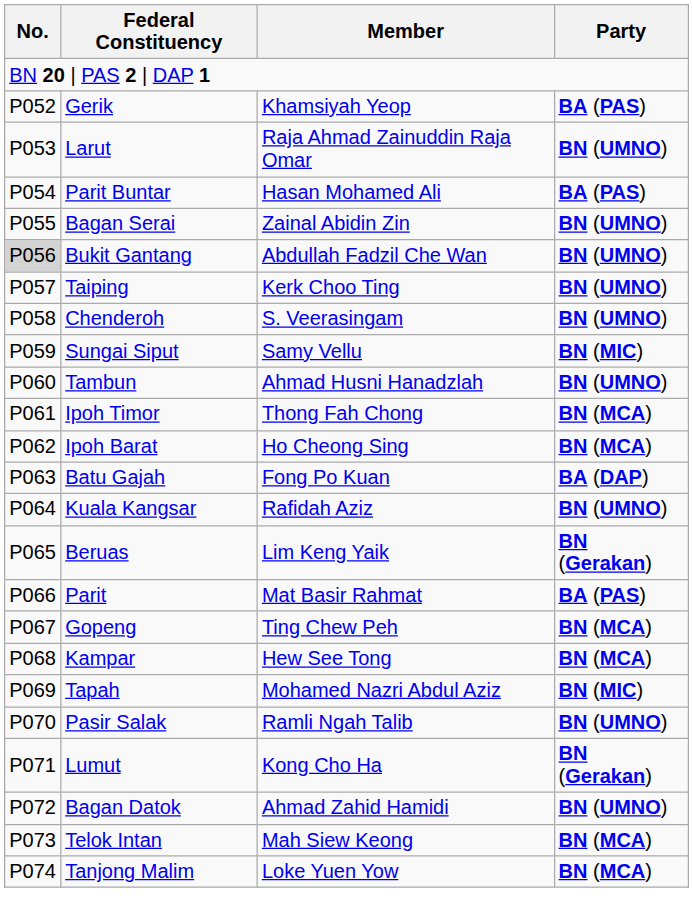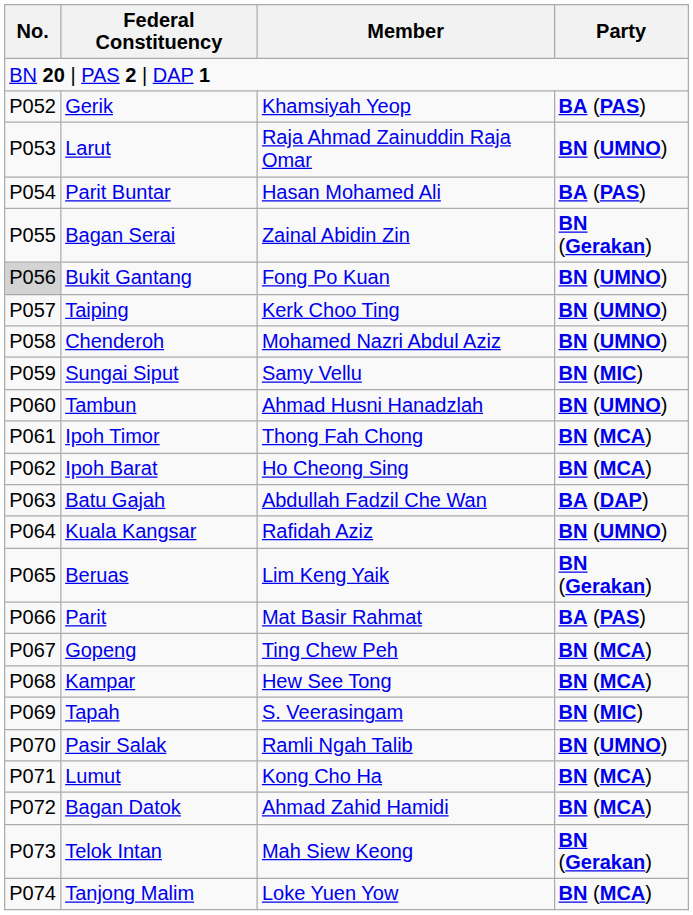 <table class="wikitable sortable">
 <tr>
 <th style="width:30px;">No.</th>
 <th style="width:150px;">Federal Constituency</th>
 <th style="width:230px;">Member</th>
 <th style="width:100px;">Party</th>
 </tr>
 <tr>
 <td colspan="4"><a href='#'>BN</a> <strong>20</strong> | <a href='#'>PAS</a> <strong>2</strong> | <a href='#'>DAP</a> <strong>1</strong></td>
 </tr>
 <tr>
 <td>P052</td>
 <td><a href='#'>Gerik</a></td>
 <td><a href='#'>Khamsiyah Yeop</a></td>
 <td><strong><a href='#'>BA</a></strong> (<strong><a href='#'>PAS</a></strong>)</td>
 </tr>
 <tr>
 <td>P053</td>
 <td><a href='#'>Larut</a></td>
 <td><a href='#'>Raja Ahmad Zainuddin Raja Omar</a></td>
 <td><strong><a href='#'>BN</a></strong> (<strong><a href='#'>UMNO</a></strong>)</td>
 </tr>
 <tr>
 <td>P054</td>
 <td><a href='#'>Parit Buntar</a></td>
 <td><a href='#'>Hasan Mohamed Ali</a></td>
 <td><strong><a href='#'>BA</a></strong> (<strong><a href='#'>PAS</a></strong>)</td>
 </tr>
 <tr>
 <td>P055</td>
 <td><a href='#'>Bagan Serai</a></td>
 <td><a href='#'>Zainal Abidin Zin</a></td>
-<td><strong><a href='#'>BN</a></strong> (<strong><a href='#'>UMNO</a></strong>)</td>
+<td><strong><a href='#'>BN</a></strong> (<strong><a href='#'>Gerakan</a></strong>)</td>
 </tr>
 <tr>
 <td style="background: lightgrey;">P056</td>
 <td><a href='#'>Bukit Gantang</a></td>
-<td><a href='#'>Abdullah Fadzil Che Wan</a></td>
+<td><a href='#'>Fong Po Kuan</a></td>
 <td><strong><a href='#'>BN</a></strong> (<strong><a href='#'>UMNO</a></strong>)</td>
 </tr>
 <tr>
 <td>P057</td>
 <td><a href='#'>Taiping</a></td>
 <td><a href='#'>Kerk Choo Ting</a></td>
 <td><strong><a href='#'>BN</a></strong> (<strong><a href='#'>UMNO</a></strong>)</td>
 </tr>
 <tr>
 <td>P058</td>
 <td><a href='#'>Chenderoh</a></td>
-<td><a href='#'>S. Veerasingam</a></td>
+<td><a href='#'>Mohamed Nazri Abdul Aziz</a></td>
 <td><strong><a href='#'>BN</a></strong> (<strong><a href='#'>UMNO</a></strong>)</td>
 </tr>
 <tr>
 <td>P059</td>
 <td><a href='#'>Sungai Siput</a></td>
 <td><a href='#'>Samy Vellu</a></td>
 <td><strong><a href='#'>BN</a></strong> (<strong><a href='#'>MIC</a></strong>)</td>
 </tr>
 <tr>
 <td>P060</td>
 <td><a href='#'>Tambun</a></td>
 <td><a href='#'>Ahmad Husni Hanadzlah</a></td>
 <td><strong><a href='#'>BN</a></strong> (<strong><a href='#'>UMNO</a></strong>)</td>
 </tr>
 <tr>
 <td>P061</td>
 <td><a href='#'>Ipoh Timor</a></td>
 <td><a href='#'>Thong Fah Chong</a></td>
 <td><strong><a href='#'>BN</a></strong> (<strong><a href='#'>MCA</a></strong>)</td>
 </tr>
 <tr>
 <td>P062</td>
 <td><a href='#'>Ipoh Barat</a></td>
 <td><a href='#'>Ho Cheong Sing</a></td>
 <td><strong><a href='#'>BN</a></strong> (<strong><a href='#'>MCA</a></strong>)</td>
 </tr>
 <tr>
 <td>P063</td>
 <td><a href='#'>Batu Gajah</a></td>
-<td><a href='#'>Fong Po Kuan</a></td>
+<td><a href='#'>Abdullah Fadzil Che Wan</a></td>
 <td><strong><a href='#'>BA</a></strong> (<strong><a href='#'>DAP</a></strong>)</td>
 </tr>
 <tr>
 <td>P064</td>
 <td><a href='#'>Kuala Kangsar</a></td>
 <td><a href='#'>Rafidah Aziz</a></td>
 <td><strong><a href='#'>BN</a></strong> (<strong><a href='#'>UMNO</a></strong>)</td>
 </tr>
 <tr>
 <td>P065</td>
 <td><a href='#'>Beruas</a></td>
 <td><a href='#'>Lim Keng Yaik</a></td>
 <td><strong><a href='#'>BN</a></strong> (<strong><a href='#'>Gerakan</a></strong>)</td>
 </tr>
 <tr>
 <td>P066</td>
 <td><a href='#'>Parit</a></td>
 <td><a href='#'>Mat Basir Rahmat</a></td>
 <td><strong><a href='#'>BA</a></strong> (<strong><a href='#'>PAS</a></strong>)</td>
 </tr>
 <tr>
 <td>P067</td>
 <td><a href='#'>Gopeng</a></td>
 <td><a href='#'>Ting Chew Peh</a></td>
 <td><strong><a href='#'>BN</a></strong> (<strong><a href='#'>MCA</a></strong>)</td>
 </tr>
 <tr>
 <td>P068</td>
 <td><a href='#'>Kampar</a></td>
 <td><a href='#'>Hew See Tong</a></td>
 <td><strong><a href='#'>BN</a></strong> (<strong><a href='#'>MCA</a></strong>)</td>
 </tr>
 <tr>
 <td>P069</td>
 <td><a href='#'>Tapah</a></td>
-<td><a href='#'>Mohamed Nazri Abdul Aziz</a></td>
+<td><a href='#'>S. Veerasingam</a></td>
 <td><strong><a href='#'>BN</a></strong> (<strong><a href='#'>MIC</a></strong>)</td>
 </tr>
 <tr>
 <td>P070</td>
 <td><a href='#'>Pasir Salak</a></td>
 <td><a href='#'>Ramli Ngah Talib</a></td>
 <td><strong><a href='#'>BN</a></strong> (<strong><a href='#'>UMNO</a></strong>)</td>
 </tr>
 <tr>
 <td>P071</td>
 <td><a href='#'>Lumut</a></td>
 <td><a href='#'>Kong Cho Ha</a></td>
-<td><strong><a href='#'>BN</a></strong> (<strong><a href='#'>Gerakan</a></strong>)</td>
+<td><strong><a href='#'>BN</a></strong> (<strong><a href='#'>MCA</a></strong>)</td>
 </tr>
 <tr>
 <td>P072</td>
 <td><a href='#'>Bagan Datok</a></td>
 <td><a href='#'>Ahmad Zahid Hamidi</a></td>
-<td><strong><a href='#'>BN</a></strong> (<strong><a href='#'>UMNO</a></strong>)</td>
+<td><strong><a href='#'>BN</a></strong> (<strong><a href='#'>MCA</a></strong>)</td>
 </tr>
 <tr>
 <td>P073</td>
 <td><a href='#'>Telok Intan</a></td>
 <td><a href='#'>Mah Siew Keong</a></td>
-<td><strong><a href='#'>BN</a></strong> (<strong><a href='#'>MCA</a></strong>)</td>
+<td><strong><a href='#'>BN</a></strong> (<strong><a href='#'>Gerakan</a></strong>)</td>
 </tr>
 <tr>
 <td>P074</td>
 <td><a href='#'>Tanjong Malim</a></td>
 <td><a href='#'>Loke Yuen Yow</a></td>
 <td><strong><a href='#'>BN</a></strong> (<strong><a href='#'>MCA</a></strong>)</td>
 </tr>
 </table>
